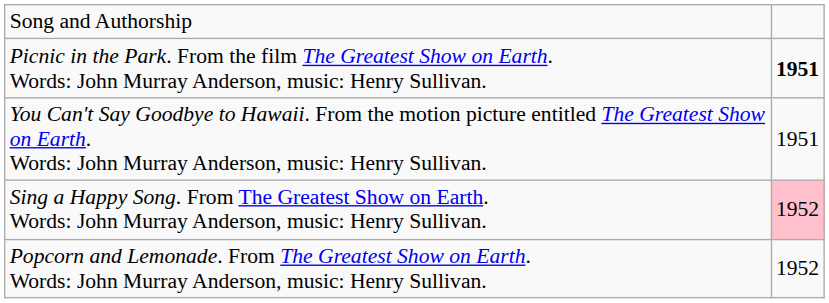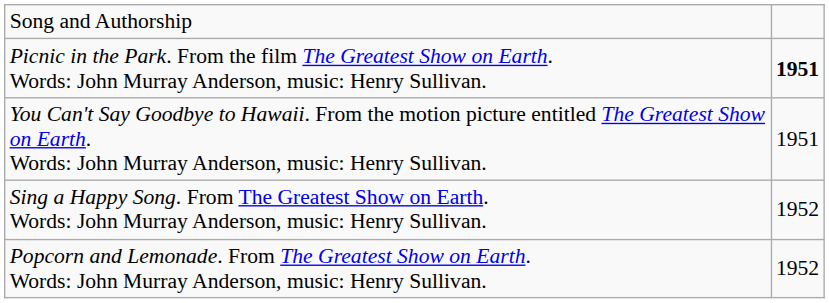 <table class="wikitable">
 <tr>
 <td>Song and Authorship</td>
 </tr>
 <tr>
 <td><em>Picnic in the Park</em>. From the film <em><a href='#'>The Greatest Show on Earth</a></em>.<br>Words: John Murray Anderson, music: Henry Sullivan.</td>
 <td><strong>1951</strong></td>
 </tr>
 <tr>
 <td><em>You Can't Say Goodbye to Hawaii</em>. From the motion picture entitled <a href='#'><em>The Greatest Show on Earth</em></a>.<br>Words: John Murray Anderson, music: Henry Sullivan.</td>
 <td>1951</td>
 </tr>
 <tr>
 <td><em>Sing a Happy Song</em>. From <a href='#'>The Greatest Show on Earth</a>.<br>Words: John Murray Anderson, music: Henry Sullivan.</td>
-<td style="background: pink;">1952</td>
+<td>1952</td>
 </tr>
 <tr>
 <td><em>Popcorn and Lemonade</em>. From <a href='#'><em>The Greatest Show on Earth</em></a>.<br>Words: John Murray Anderson, music: Henry Sullivan.</td>
 <td>1952</td>
 </tr>
 </table>
